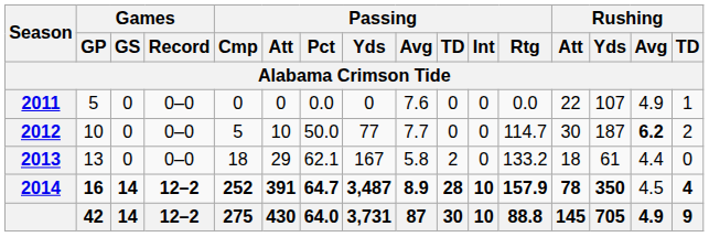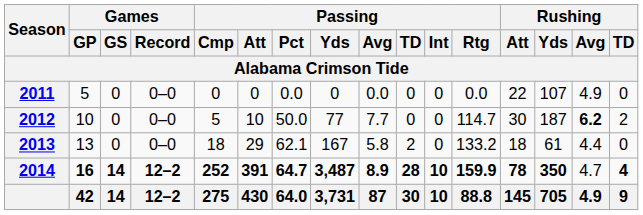 <table class=wikitable style="text-align:center;">
 <tr>
 <th rowspan="2">Season</th>
 <th colspan="3">Games</th>
 <th colspan="8">Passing</th>
 <th colspan="4">Rushing</th>
 </tr>
 <tr>
 <th>GP</th>
 <th>GS</th>
 <th>Record</th>
 <th>Cmp</th>
 <th>Att</th>
 <th>Pct</th>
 <th>Yds</th>
 <th>Avg</th>
 <th>TD</th>
 <th>Int</th>
 <th>Rtg</th>
 <th>Att</th>
 <th>Yds</th>
 <th>Avg</th>
 <th>TD</th>
 </tr>
 <tr>
 <th colspan="16">Alabama Crimson Tide</th>
 </tr>
 <tr>
 <th><a href='#'>2011</a></th>
 <td>5</td>
 <td>0</td>
 <td>0–0</td>
 <td>0</td>
 <td>0</td>
 <td>0.0</td>
 <td>0</td>
-<td>7.6</td>
+<td>0.0</td>
 <td>0</td>
 <td>0</td>
 <td>0.0</td>
 <td>22</td>
 <td>107</td>
 <td>4.9</td>
-<td>1</td>
+<td>0</td>
 </tr>
 <tr>
 <th><a href='#'>2012</a></th>
 <td>10</td>
 <td>0</td>
 <td>0–0</td>
 <td>5</td>
 <td>10</td>
 <td>50.0</td>
 <td>77</td>
 <td>7.7</td>
 <td>0</td>
 <td>0</td>
 <td>114.7</td>
 <td>30</td>
 <td>187</td>
 <td><strong>6.2</strong></td>
 <td>2</td>
 </tr>
 <tr>
 <th><a href='#'>2013</a></th>
 <td>13</td>
 <td>0</td>
 <td>0–0</td>
 <td>18</td>
 <td>29</td>
 <td>62.1</td>
 <td>167</td>
 <td>5.8</td>
 <td>2</td>
 <td>0</td>
 <td>133.2</td>
 <td>18</td>
 <td>61</td>
 <td>4.4</td>
 <td>0</td>
 </tr>
 <tr>
 <th><a href='#'>2014</a></th>
 <td><strong>16</strong></td>
 <td><strong>14</strong></td>
 <td><strong>12–2</strong></td>
 <td><strong>252</strong></td>
 <td><strong>391</strong></td>
 <td><strong>64.7</strong></td>
 <td><strong>3,487</strong></td>
 <td><strong>8.9</strong></td>
 <td><strong>28</strong></td>
 <td><strong>10</strong></td>
-<td><strong>157.9</strong></td>
+<td><strong>159.9</strong></td>
 <td><strong>78</strong></td>
 <td><strong>350</strong></td>
-<td>4.5</td>
+<td>4.7</td>
 <td><strong>4</strong></td>
 </tr>
 <tr>
 <th></th>
 <th>42</th>
 <th>14</th>
 <th>12–2</th>
 <th>275</th>
 <th>430</th>
 <th>64.0</th>
 <th>3,731</th>
 <th>87</th>
 <th>30</th>
 <th>10</th>
 <th>88.8</th>
 <th>145</th>
 <th>705</th>
 <th>4.9</th>
 <th>9</th>
 </tr>
 </table>
